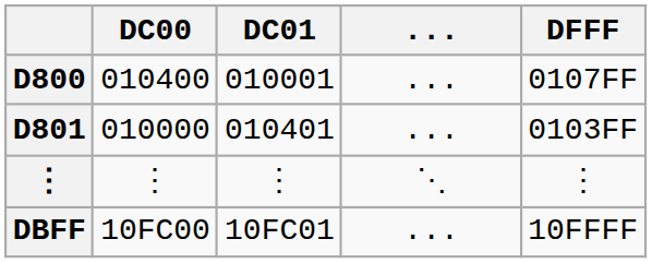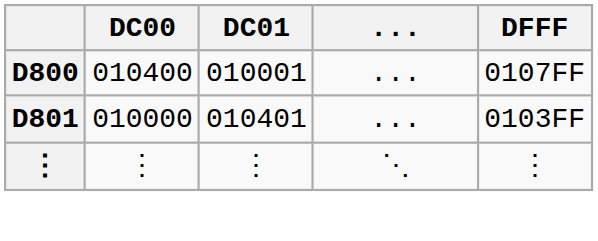 <table class="wikitable floatright" style="text-align: center; font-family:monospace">
 <tr>
 <th></th>
 <th><span>DC00</span></th>
 <th><span>DC01</span></th>
 <th><span>   ...   </span></th>
 <th><span>DFFF</span></th>
 </tr>
 <tr>
 <th><span>D800</span></th>
 <td>010400</td>
 <td>010001</td>
 <td>...</td>
 <td>0107FF</td>
 </tr>
 <tr>
 <th><span>D801</span></th>
 <td>010000</td>
 <td>010401</td>
 <td>...</td>
 <td>0103FF</td>
 </tr>
 <tr align="center">
 <th><span>⋮</span></th>
 <td>⋮</td>
 <td>⋮</td>
 <td>⋱</td>
 <td>⋮</td>
 </tr>
-<tr>
-<th><span>DBFF</span></th>
-<td>10FC00</td>
-<td>10FC01</td>
-<td>...</td>
-<td>10FFFF</td>
-</tr>
 </table>
